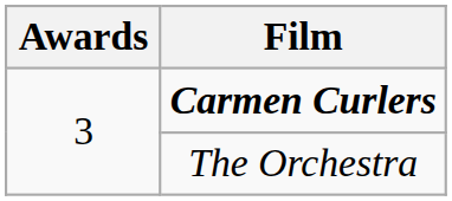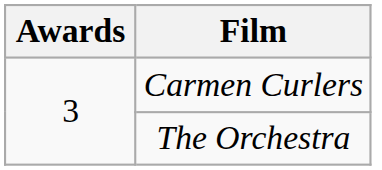 <table class="wikitable plainrowheaders" rowspan=2 style="text-align: center;" border="2" background: #f6e39c;>
 <tr>
 <th scope="col" style="width:55px;">Awards</th>
 <th scope="col" style="text-align:center;">Film</th>
 </tr>
 <tr>
 <td rowspan="2">3</td>
-<td><strong><em>Carmen Curlers</em></strong></td>
+<td><em>Carmen Curlers</em></td>
 </tr>
 <tr>
 <td><em>The Orchestra</em></td>
 </tr>
 </table>
